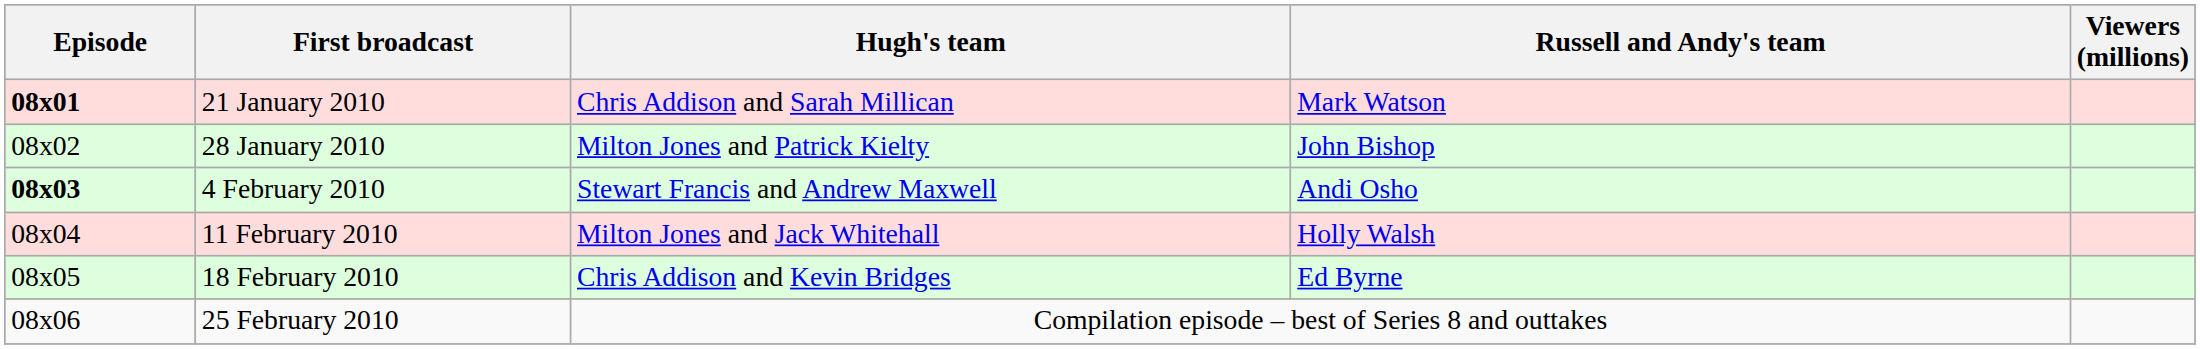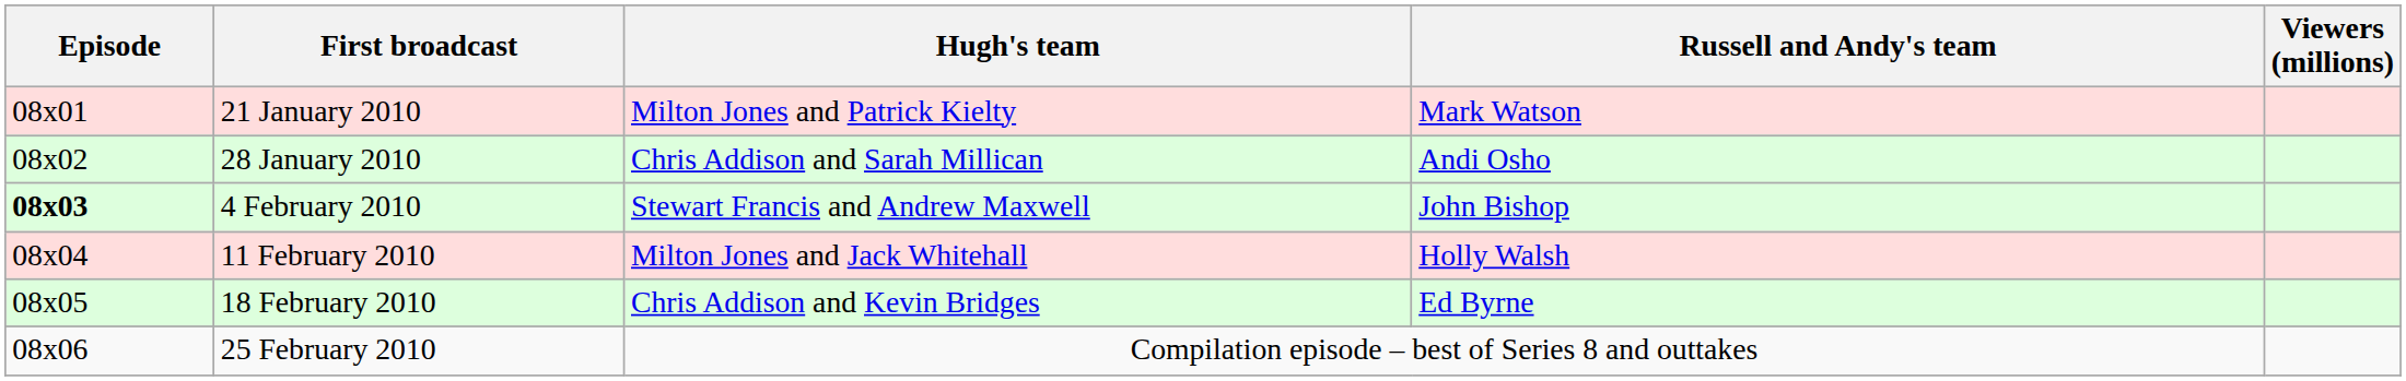 <table class="wikitable" style="width:80%;">
 <tr>
 <th style="width:9%;">Episode</th>
 <th style="width:18%;">First broadcast</th>
 <th style="width:35%;">Hugh's team</th>
 <th style="width:38%;">Russell and Andy's team</th>
 <th style="width:38%;">Viewers<br>(millions)</th>
 </tr>
 <tr style="background:#fdd;">
-<td><strong>08x01</strong></td>
+<td>08x01</td>
 <td>21 January 2010</td>
-<td><a href='#'>Chris Addison</a> and <a href='#'>Sarah Millican</a></td>
+<td><a href='#'>Milton Jones</a> and <a href='#'>Patrick Kielty</a></td>
 <td><a href='#'>Mark Watson</a></td>
 <td></td>
 </tr>
 <tr style="background:#dfd;">
 <td>08x02</td>
 <td>28 January 2010</td>
-<td><a href='#'>Milton Jones</a> and <a href='#'>Patrick Kielty</a></td>
-<td><a href='#'>John Bishop</a></td>
+<td><a href='#'>Chris Addison</a> and <a href='#'>Sarah Millican</a></td>
+<td><a href='#'>Andi Osho</a></td>
 <td></td>
 </tr>
 <tr style="background:#dfd;">
 <td><strong>08x03</strong></td>
 <td>4 February 2010</td>
 <td><a href='#'>Stewart Francis</a> and <a href='#'>Andrew Maxwell</a></td>
-<td><a href='#'>Andi Osho</a></td>
+<td><a href='#'>John Bishop</a></td>
 <td></td>
 </tr>
 <tr style="background:#fdd;">
 <td>08x04</td>
 <td>11 February 2010</td>
 <td><a href='#'>Milton Jones</a> and <a href='#'>Jack Whitehall</a></td>
 <td><a href='#'>Holly Walsh</a></td>
 <td></td>
 </tr>
 <tr style="background:#dfd;">
 <td>08x05</td>
 <td>18 February 2010</td>
 <td><a href='#'>Chris Addison</a> and <a href='#'>Kevin Bridges</a></td>
 <td><a href='#'>Ed Byrne</a></td>
 <td></td>
 </tr>
 <tr>
 <td>08x06</td>
 <td>25 February 2010</td>
 <td style="text-align:center;" colspan="2">Compilation episode – best of Series 8 and outtakes</td>
 <td></td>
 </tr>
 </table>
